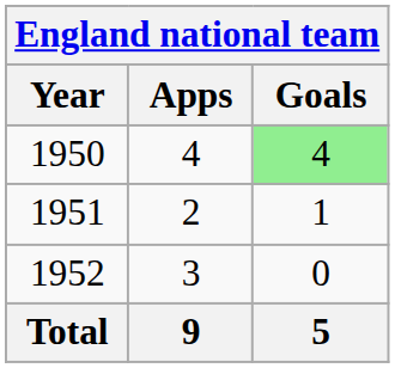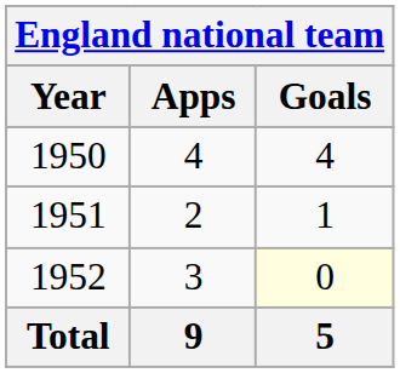 <table class="wikitable" style="text-align:center">
 <tr>
 <th colspan=3><a href='#'>England national team</a></th>
 </tr>
 <tr>
 <th>Year</th>
 <th>Apps</th>
 <th>Goals</th>
 </tr>
 <tr>
 <td>1950</td>
 <td>4</td>
-<td style="background: lightgreen;">4</td>
+<td>4</td>
 </tr>
 <tr>
 <td>1951</td>
 <td>2</td>
 <td>1</td>
 </tr>
 <tr>
 <td>1952</td>
 <td>3</td>
-<td>0</td>
+<td style="background: lightyellow;">0</td>
 </tr>
 <tr>
 <th>Total</th>
 <th>9</th>
 <th>5</th>
 </tr>
 </table>
